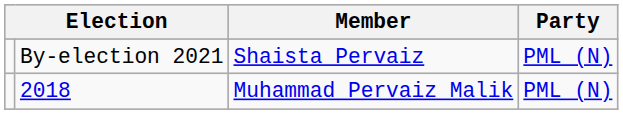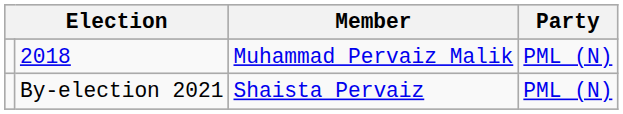 <table class="wikitable">
 <tr>
 <th colspan="2">Election</th>
 <th>Member</th>
 <th>Party</th>
 </tr>
 <tr>
 <td style="background-color: "></td>
+<td><a href='#'>2018</a></td>
+<td><a href='#'>Muhammad Pervaiz Malik</a></td>
+<td><a href='#'>PML (N)</a></td>
+</tr>
+<tr>
+<td style="background-color: "></td>
 <td>By-election 2021</td>
 <td><a href='#'>Shaista Pervaiz</a></td>
 <td><a href='#'>PML (N)</a></td>
 </tr>
-<tr>
-<td style="background-color: "></td>
-<td><a href='#'>2018</a></td>
-<td><a href='#'>Muhammad Pervaiz Malik</a></td>
-<td><a href='#'>PML (N)</a></td>
-</tr>
 </table>
